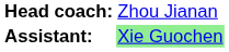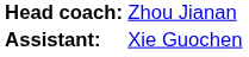 <table>
 <tr>
 <td><strong>Head coach:</strong></td>
 <td><a href='#'>Zhou Jianan</a></td>
 </tr>
 <tr>
 <td><strong>Assistant:</strong></td>
-<td style="background: lightgreen;"><a href='#'>Xie Guochen</a></td>
+<td><a href='#'>Xie Guochen</a></td>
 </tr>
 </table>
